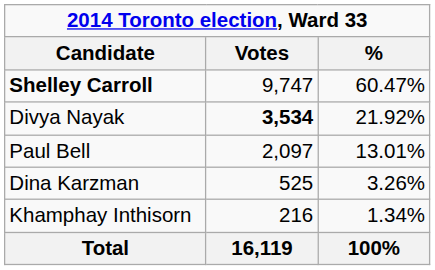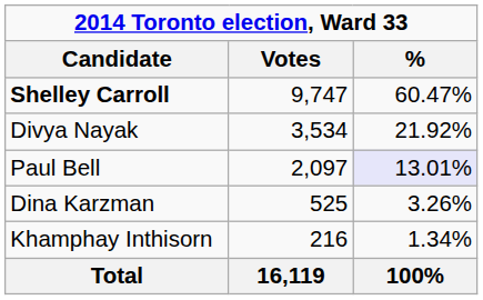 <table class="wikitable">
 <tr>
 <td Colspan="3" align="center"><strong><a href='#'>2014 Toronto election</a>, Ward 33</strong> </td>
 </tr>
 <tr>
 <th bgcolor="#DDDDFF" width="150px">Candidate</th>
 <th bgcolor="#DDDDFF" width="80px">Votes</th>
 <th bgcolor="#DDDDFF" width="80px">%</th>
 </tr>
 <tr>
 <td><strong>Shelley Carroll</strong></td>
 <td align=right>9,747</td>
 <td align=right>60.47%</td>
 </tr>
 <tr>
 <td>Divya Nayak</td>
-<td align=right><strong>3,534</strong></td>
+<td align=right>3,534</td>
 <td align=right>21.92%</td>
 </tr>
 <tr>
 <td>Paul Bell</td>
 <td align=right>2,097</td>
-<td align=right>13.01%</td>
+<td align=right style="background: lavender;">13.01%</td>
 </tr>
 <tr>
 <td>Dina Karzman</td>
 <td align=right>525</td>
 <td align=right>3.26%</td>
 </tr>
 <tr>
 <td>Khamphay Inthisorn</td>
 <td align=right>216</td>
 <td align=right>1.34%</td>
 </tr>
 <tr>
 <th>Total</th>
 <th align=right>16,119</th>
 <th align=right>100%</th>
 </tr>
 </table>
